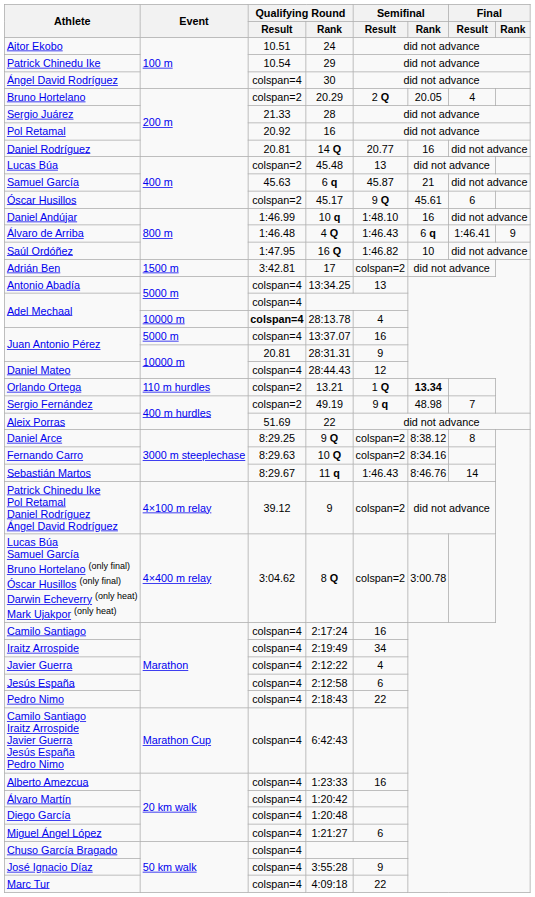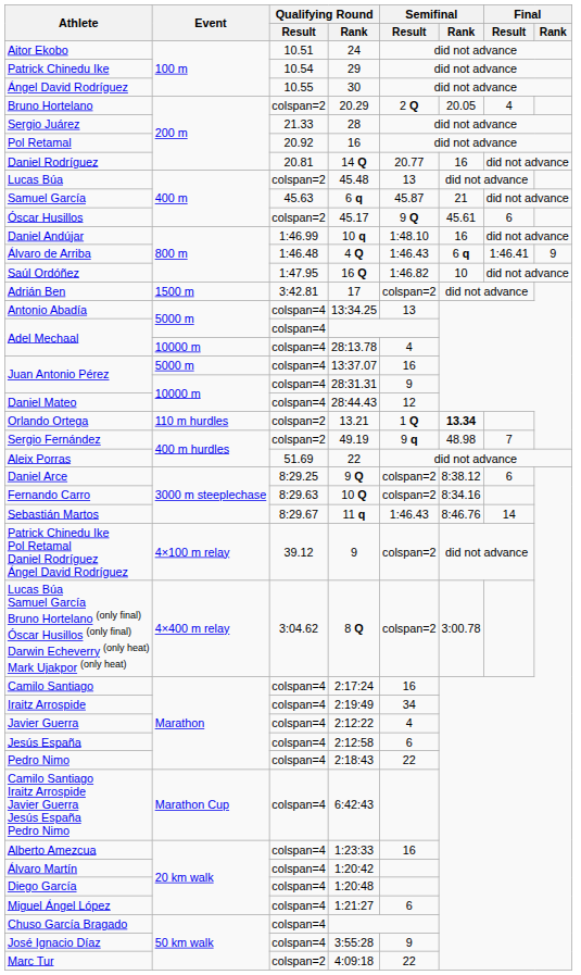 <table class="wikitable" style="font-size:90%">
 <tr>
 <th rowspan="2">Athlete</th>
 <th rowspan="2">Event</th>
 <th colspan="2">Qualifying Round</th>
 <th colspan="2">Semifinal</th>
 <th colspan="2">Final</th>
 </tr>
 <tr style="font-size:95%">
 <th>Result</th>
 <th>Rank</th>
 <th>Result</th>
 <th>Rank</th>
 <th>Result</th>
 <th>Rank</th>
 </tr>
 <tr align=center>
 <td align=left><a href='#'>Aitor Ekobo</a></td>
 <td align=left rowspan=3><a href='#'>100 m</a></td>
 <td>10.51</td>
 <td>24</td>
 <td colspan=4>did not advance</td>
 </tr>
 <tr align=center>
 <td align=left><a href='#'>Patrick Chinedu Ike</a></td>
 <td>10.54</td>
 <td>29</td>
 <td colspan=4>did not advance</td>
 </tr>
 <tr align=center>
 <td align=left><a href='#'>Ángel David Rodríguez</a></td>
-<td>colspan=4 </td>
+<td>10.55</td>
 <td>30</td>
 <td colspan=4>did not advance</td>
 </tr>
 <tr align=center>
 <td align=left><a href='#'>Bruno Hortelano</a></td>
 <td align=left rowspan=4><a href='#'>200 m</a></td>
 <td>colspan=2 </td>
 <td>20.29</td>
 <td>2 <strong>Q</strong></td>
 <td>20.05</td>
 <td>4</td>
 </tr>
 <tr align=center>
 <td align=left><a href='#'>Sergio Juárez</a></td>
 <td>21.33</td>
 <td>28</td>
 <td colspan=4>did not advance</td>
 </tr>
 <tr align=center>
 <td align=left><a href='#'>Pol Retamal</a></td>
 <td>20.92</td>
 <td>16</td>
 <td colspan=4>did not advance</td>
 </tr>
 <tr align=center>
 <td align=left><a href='#'>Daniel Rodríguez</a></td>
 <td>20.81</td>
 <td>14 <strong>Q</strong></td>
 <td>20.77</td>
 <td>16</td>
 <td colspan=2>did not advance</td>
 </tr>
 <tr align=center>
 <td align=left><a href='#'>Lucas Búa</a></td>
 <td align=left rowspan=3><a href='#'>400 m</a></td>
 <td>colspan=2 </td>
 <td>45.48</td>
 <td>13</td>
 <td colspan=2>did not advance</td>
 </tr>
 <tr align=center>
 <td align=left><a href='#'>Samuel García</a></td>
 <td>45.63</td>
 <td>6 <strong>q</strong></td>
 <td>45.87</td>
 <td>21</td>
 <td colspan=2>did not advance</td>
 </tr>
 <tr align=center>
 <td align=left><a href='#'>Óscar Husillos</a></td>
 <td>colspan=2 </td>
 <td>45.17</td>
 <td>9 <strong>Q</strong></td>
 <td>45.61</td>
 <td>6</td>
 </tr>
 <tr align=center>
 <td align=left><a href='#'>Daniel Andújar</a></td>
 <td align=left rowspan=3><a href='#'>800 m</a></td>
 <td>1:46.99</td>
 <td>10 <strong>q</strong></td>
 <td>1:48.10</td>
 <td>16</td>
 <td colspan=2>did not advance</td>
 </tr>
 <tr align=center>
 <td align=left><a href='#'>Álvaro de Arriba</a></td>
 <td>1:46.48</td>
 <td>4 <strong>Q</strong></td>
 <td>1:46.43</td>
 <td>6 <strong>q</strong></td>
 <td>1:46.41</td>
 <td>9</td>
 </tr>
 <tr align=center>
 <td align=left><a href='#'>Saúl Ordóñez</a></td>
 <td>1:47.95</td>
 <td>16 <strong>Q</strong></td>
 <td>1:46.82</td>
 <td>10</td>
 <td colspan=2>did not advance</td>
 </tr>
 <tr align=center>
 <td align=left><a href='#'>Adrián Ben</a></td>
 <td align=left><a href='#'>1500 m</a></td>
 <td>3:42.81</td>
 <td>17</td>
 <td>colspan=2 </td>
 <td colspan=2>did not advance</td>
 </tr>
 <tr align=center>
 <td align=left><a href='#'>Antonio Abadía</a></td>
 <td align=left rowspan=2><a href='#'>5000 m</a></td>
 <td>colspan=4 </td>
 <td>13:34.25</td>
 <td>13</td>
 </tr>
 <tr align=center>
 <td align=left rowspan=2><a href='#'>Adel Mechaal</a></td>
 <td>colspan=4 </td>
 <td colspan=2></td>
 </tr>
 <tr align=center>
 <td align=left><a href='#'>10000 m</a></td>
-<td><strong>colspan=4 </strong></td>
+<td>colspan=4 </td>
 <td>28:13.78</td>
 <td>4</td>
 </tr>
 <tr align=center>
 <td align=left rowspan=2><a href='#'>Juan Antonio Pérez</a></td>
 <td align=left><a href='#'>5000 m</a></td>
 <td>colspan=4 </td>
 <td>13:37.07</td>
 <td>16</td>
 </tr>
 <tr align=center>
 <td align=left rowspan=2><a href='#'>10000 m</a></td>
-<td>20.81</td>
+<td>colspan=4 </td>
 <td>28:31.31</td>
 <td>9</td>
 </tr>
 <tr align=center>
 <td align=left><a href='#'>Daniel Mateo</a></td>
 <td>colspan=4 </td>
 <td>28:44.43</td>
 <td>12</td>
 </tr>
 <tr align=center>
 <td align=left><a href='#'>Orlando Ortega</a></td>
 <td align=left><a href='#'>110 m hurdles</a></td>
 <td>colspan=2 </td>
 <td>13.21</td>
 <td>1 <strong>Q</strong></td>
 <td><strong>13.34</strong></td>
 <td></td>
 </tr>
 <tr align=center>
 <td align=left><a href='#'>Sergio Fernández</a></td>
 <td align=left rowspan=2><a href='#'>400 m hurdles</a></td>
 <td>colspan=2 </td>
 <td>49.19</td>
 <td>9 <strong>q</strong></td>
 <td>48.98</td>
 <td>7</td>
 </tr>
 <tr align=center>
 <td align=left><a href='#'>Aleix Porras</a></td>
 <td>51.69</td>
 <td>22</td>
 <td colspan=4>did not advance</td>
 </tr>
 <tr align=center>
 <td align=left><a href='#'>Daniel Arce</a></td>
 <td align=left rowspan=3><a href='#'>3000 m steeplechase</a></td>
 <td>8:29.25</td>
 <td>9 <strong>Q</strong></td>
 <td>colspan=2 </td>
 <td>8:38.12</td>
-<td>8</td>
+<td>6</td>
 </tr>
 <tr align=center>
 <td align=left><a href='#'>Fernando Carro</a></td>
 <td>8:29.63</td>
 <td>10 <strong>Q</strong></td>
 <td>colspan=2 </td>
 <td>8:34.16</td>
 <td></td>
 </tr>
 <tr align=center>
 <td align=left><a href='#'>Sebastián Martos</a></td>
 <td>8:29.67</td>
 <td>11 <strong>q</strong></td>
 <td>1:46.43</td>
 <td>8:46.76</td>
 <td>14</td>
 </tr>
 <tr align=center>
 <td align=left><a href='#'>Patrick Chinedu Ike</a><br><a href='#'>Pol Retamal</a><br><a href='#'>Daniel Rodríguez</a><br><a href='#'>Ángel David Rodríguez</a></td>
 <td align=left><a href='#'>4×100 m relay</a></td>
 <td>39.12</td>
 <td>9</td>
 <td>colspan=2 </td>
 <td colspan=2>did not advance</td>
 </tr>
 <tr align=center>
 <td align=left><a href='#'>Lucas Búa</a><br><a href='#'>Samuel García</a><br><a href='#'>Bruno Hortelano</a> <sup>(only final)</sup><br><a href='#'>Óscar Husillos</a> <sup>(only final)</sup><br><a href='#'>Darwin Echeverry</a> <sup>(only heat)</sup><br><a href='#'>Mark Ujakpor</a> <sup>(only heat)</sup><br></td>
 <td align=left><a href='#'>4×400 m relay</a></td>
 <td>3:04.62</td>
 <td>8 <strong>Q</strong></td>
 <td>colspan=2 </td>
 <td>3:00.78</td>
 <td></td>
 </tr>
 <tr align=center>
 <td align=left><a href='#'>Camilo Santiago</a></td>
 <td align=left rowspan=5><a href='#'>Marathon</a></td>
 <td>colspan=4 </td>
 <td>2:17:24</td>
 <td>16</td>
 </tr>
 <tr align=center>
 <td align=left><a href='#'>Iraitz Arrospide</a></td>
 <td>colspan=4 </td>
 <td>2:19:49</td>
 <td>34</td>
 </tr>
 <tr align=center>
 <td align=left><a href='#'>Javier Guerra</a></td>
 <td>colspan=4 </td>
 <td>2:12:22</td>
 <td>4</td>
 </tr>
 <tr align=center>
 <td align=left><a href='#'>Jesús España</a></td>
 <td>colspan=4 </td>
 <td>2:12:58</td>
 <td>6</td>
 </tr>
 <tr align=center>
 <td align=left><a href='#'>Pedro Nimo</a></td>
 <td>colspan=4 </td>
 <td>2:18:43</td>
 <td>22</td>
 </tr>
 <tr align=center>
 <td align=left><a href='#'>Camilo Santiago</a><br><a href='#'>Iraitz Arrospide</a><br><a href='#'>Javier Guerra</a><br><a href='#'>Jesús España</a><br><a href='#'>Pedro Nimo</a></td>
 <td align=left><a href='#'>Marathon Cup</a></td>
 <td>colspan=4 </td>
 <td>6:42:43</td>
 <td></td>
 </tr>
 <tr align=center>
 <td align=left><a href='#'>Alberto Amezcua</a></td>
 <td align=left rowspan=4><a href='#'>20 km walk</a></td>
 <td>colspan=4 </td>
 <td>1:23:33</td>
 <td>16</td>
 </tr>
 <tr align=center>
 <td align=left><a href='#'>Álvaro Martín</a></td>
 <td>colspan=4 </td>
 <td>1:20:42</td>
 <td></td>
 </tr>
 <tr align=center>
 <td align=left><a href='#'>Diego García</a></td>
 <td>colspan=4 </td>
 <td>1:20:48</td>
 <td></td>
 </tr>
 <tr align=center>
 <td align=left><a href='#'>Miguel Ángel López</a></td>
 <td>colspan=4 </td>
 <td>1:21:27</td>
 <td>6</td>
 </tr>
 <tr align=center>
 <td align=left><a href='#'>Chuso García Bragado</a></td>
 <td align=left rowspan=3><a href='#'>50 km walk</a></td>
 <td>colspan=4 </td>
 <td colspan=2></td>
 </tr>
 <tr align=center>
 <td align=left><a href='#'>José Ignacio Díaz</a></td>
 <td>colspan=4 </td>
 <td>3:55:28</td>
 <td>9</td>
 </tr>
 <tr align=center>
 <td align=left><a href='#'>Marc Tur</a></td>
-<td>colspan=4 </td>
+<td>colspan=2 </td>
 <td>4:09:18</td>
 <td>22</td>
 </tr>
 </table>
